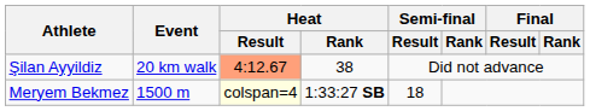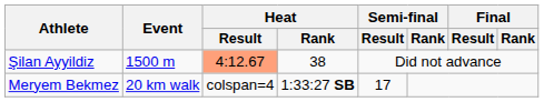 <table class="wikitable" style="font-size:90%">
 <tr>
 <th rowspan="2">Athlete</th>
 <th rowspan="2">Event</th>
 <th colspan="2">Heat</th>
 <th colspan="2">Semi-final</th>
 <th colspan="2">Final</th>
 </tr>
 <tr style="font-size:95%">
 <th>Result</th>
 <th>Rank</th>
 <th>Result</th>
 <th>Rank</th>
 <th>Result</th>
 <th>Rank</th>
 </tr>
 <tr align=center>
 <td align=left><a href='#'>Şilan Ayyildiz</a></td>
-<td align=left><a href='#'>20 km walk</a></td>
+<td align=left><a href='#'>1500 m</a></td>
 <td style="background: lightsalmon;">4:12.67</td>
 <td>38</td>
 <td colspan="4">Did not advance</td>
 </tr>
 <tr align=center>
 <td align=left><a href='#'>Meryem Bekmez</a></td>
-<td align=left><a href='#'>1500 m</a></td>
-<td style="background: lightyellow;">colspan=4 </td>
+<td align=left><a href='#'>20 km walk</a></td>
+<td>colspan=4 </td>
 <td>1:33:27 <strong>SB</strong></td>
-<td>18</td>
+<td>17</td>
 </tr>
 </table>
